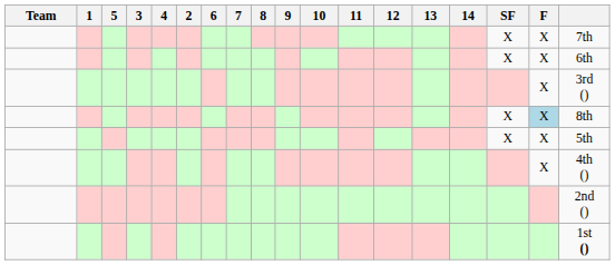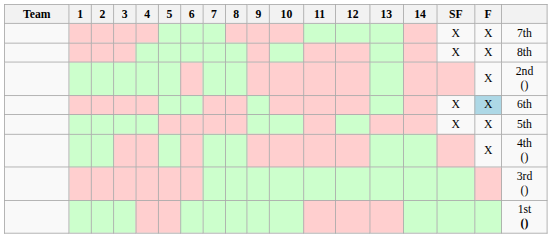 <table class= "wikitable" style="font-size:85%; text-align:center; width:50%">
 <tr>
 <th>Team</th>
 <th>1</th>
-<th>5</th>
+<th>2</th>
 <th>3</th>
 <th>4</th>
-<th>2</th>
+<th>5</th>
 <th>6</th>
 <th>7</th>
 <th>8</th>
 <th>9</th>
 <th>10</th>
 <th>11</th>
 <th>12</th>
 <th>13</th>
 <th>14</th>
 <th>SF</th>
 <th>F</th>
 <th></th>
 </tr>
 <tr>
 <td align="left"></td>
 <td style="background:#FFCFCF;"></td>
-<td style="background:#cfc;"><strong></strong></td>
 <td style="background:#FFCFCF;"></td>
 <td style="background:#FFCFCF;"></td>
 <td style="background:#FFCFCF;"></td>
+<td style="background:#cfc;"><strong></strong></td>
 <td style="background:#cfc;"><strong></strong></td>
 <td style="background:#cfc;"><strong></strong></td>
 <td style="background:#FFCFCF;"></td>
 <td style="background:#FFCFCF;"></td>
 <td style="background:#FFCFCF;"></td>
 <td style="background:#cfc;"><strong></strong></td>
 <td style="background:#cfc;"><strong></strong></td>
 <td style="background:#cfc;"><strong></strong></td>
 <td style="background:#FFCFCF;"></td>
 <td>X</td>
 <td>X</td>
 <td>7th</td>
 </tr>
 <tr>
 <td align="left"></td>
 <td style="background:#FFCFCF;"></td>
-<td style="background:#cfc;"><strong></strong></td>
+<td style="background:#FFCFCF;"></td>
 <td style="background:#FFCFCF;"></td>
 <td style="background:#cfc;"><strong></strong></td>
-<td style="background:#FFCFCF;"></td>
+<td style="background:#cfc;"><strong></strong></td>
 <td style="background:#cfc;"><strong></strong></td>
 <td style="background:#cfc;"><strong></strong></td>
 <td style="background:#cfc;"><strong></strong></td>
 <td style="background:#FFCFCF;"></td>
 <td style="background:#cfc;"><strong></strong></td>
 <td style="background:#FFCFCF;"></td>
 <td style="background:#FFCFCF;"></td>
 <td style="background:#cfc;"><strong></strong></td>
 <td style="background:#FFCFCF;"></td>
 <td>X</td>
 <td>X</td>
-<td>6th</td>
+<td>8th</td>
 </tr>
 <tr>
 <td align="left"></td>
 <td style="background:#cfc;"><strong></strong></td>
 <td style="background:#cfc;"><strong></strong></td>
 <td style="background:#cfc;"><strong></strong></td>
 <td style="background:#cfc;"><strong></strong></td>
 <td style="background:#cfc;"><strong></strong></td>
 <td style="background:#FFCFCF;"></td>
 <td style="background:#cfc;"><strong></strong></td>
 <td style="background:#cfc;"><strong></strong></td>
 <td style="background:#FFCFCF;"></td>
 <td style="background:#FFCFCF;"></td>
 <td style="background:#FFCFCF;"></td>
 <td style="background:#FFCFCF;"></td>
 <td style="background:#cfc;"><strong></strong></td>
 <td style="background:#FFCFCF;"></td>
 <td style="background:#FFCFCF;"></td>
 <td>X</td>
-<td>3rd<br>()</td>
+<td>2nd<br>()</td>
 </tr>
 <tr>
 <td align="left"></td>
 <td style="background:#FFCFCF;"></td>
-<td style="background:#cfc;"><strong></strong></td>
 <td style="background:#FFCFCF;"></td>
 <td style="background:#FFCFCF;"></td>
 <td style="background:#FFCFCF;"></td>
+<td style="background:#cfc;"><strong></strong></td>
 <td style="background:#cfc;"><strong></strong></td>
 <td style="background:#FFCFCF;"></td>
 <td style="background:#FFCFCF;"></td>
 <td style="background:#cfc;"><strong></strong></td>
 <td style="background:#FFCFCF;"></td>
 <td style="background:#FFCFCF;"></td>
 <td style="background:#FFCFCF;"></td>
 <td style="background:#cfc;"><strong></strong></td>
 <td style="background:#FFCFCF;"></td>
 <td>X</td>
 <td style="background: lightblue;">X</td>
-<td>8th</td>
+<td>6th</td>
 </tr>
 <tr>
 <td align="left"></td>
 <td style="background:#cfc;"><strong></strong></td>
-<td style="background:#FFCFCF;"></td>
 <td style="background:#cfc;"><strong></strong></td>
 <td style="background:#cfc;"><strong></strong></td>
 <td style="background:#cfc;"><strong></strong></td>
+<td style="background:#FFCFCF;"></td>
 <td style="background:#FFCFCF;"></td>
 <td style="background:#FFCFCF;"></td>
 <td style="background:#FFCFCF;"></td>
 <td style="background:#cfc;"><strong></strong></td>
 <td style="background:#cfc;"><strong></strong></td>
 <td style="background:#FFCFCF;"></td>
 <td style="background:#cfc;"><strong></strong></td>
 <td style="background:#FFCFCF;"></td>
 <td style="background:#FFCFCF;"></td>
 <td>X</td>
 <td>X</td>
 <td>5th</td>
 </tr>
 <tr>
 <td align="left"></td>
 <td style="background:#cfc;"><strong></strong></td>
 <td style="background:#cfc;"><strong></strong></td>
 <td style="background:#FFCFCF;"></td>
 <td style="background:#FFCFCF;"></td>
 <td style="background:#cfc;"><strong></strong></td>
 <td style="background:#FFCFCF;"></td>
 <td style="background:#cfc;"><strong></strong></td>
 <td style="background:#cfc;"><strong></strong></td>
 <td style="background:#FFCFCF;"></td>
 <td style="background:#FFCFCF;"></td>
 <td style="background:#FFCFCF;"></td>
 <td style="background:#FFCFCF;"></td>
 <td style="background:#cfc;"><strong></strong></td>
 <td style="background:#cfc;"><strong></strong></td>
 <td style="background:#FFCFCF;"></td>
 <td>X</td>
 <td>4th<br>()</td>
 </tr>
 <tr>
 <td align="left"></td>
 <td style="background:#FFCFCF;"></td>
 <td style="background:#FFCFCF;"></td>
 <td style="background:#FFCFCF;"></td>
 <td style="background:#FFCFCF;"></td>
 <td style="background:#FFCFCF;"></td>
 <td style="background:#FFCFCF;"></td>
 <td style="background:#cfc;"><strong></strong></td>
 <td style="background:#cfc;"><strong></strong></td>
 <td style="background:#cfc;"><strong></strong></td>
 <td style="background:#cfc;"><strong></strong></td>
 <td style="background:#cfc;"><strong></strong></td>
 <td style="background:#cfc;"><strong></strong></td>
 <td style="background:#cfc;"><strong></strong></td>
 <td style="background:#cfc;"><strong></strong></td>
 <td style="background:#cfc;"><strong></strong></td>
 <td style="background:#FFCFCF;"></td>
-<td>2nd<br>()</td>
+<td>3rd<br>()</td>
 </tr>
 <tr>
 <td align="left"></td>
 <td style="background:#cfc;"><strong></strong></td>
-<td style="background:#FFCFCF;"></td>
+<td style="background:#cfc;"><strong></strong></td>
 <td style="background:#cfc;"><strong></strong></td>
 <td style="background:#FFCFCF;"></td>
-<td style="background:#cfc;"><strong></strong></td>
+<td style="background:#FFCFCF;"></td>
 <td style="background:#cfc;"><strong></strong></td>
 <td style="background:#cfc;"><strong></strong></td>
 <td style="background:#cfc;"><strong></strong></td>
 <td style="background:#cfc;"><strong></strong></td>
 <td style="background:#cfc;"><strong></strong></td>
 <td style="background:#FFCFCF;"></td>
 <td style="background:#FFCFCF;"></td>
 <td style="background:#FFCFCF;"></td>
 <td style="background:#cfc;"><strong></strong></td>
 <td style="background:#cfc;"><strong></strong></td>
 <td style="background:#cfc;"><strong></strong></td>
 <td>1st<br><strong>()</strong></td>
 </tr>
 </table>
